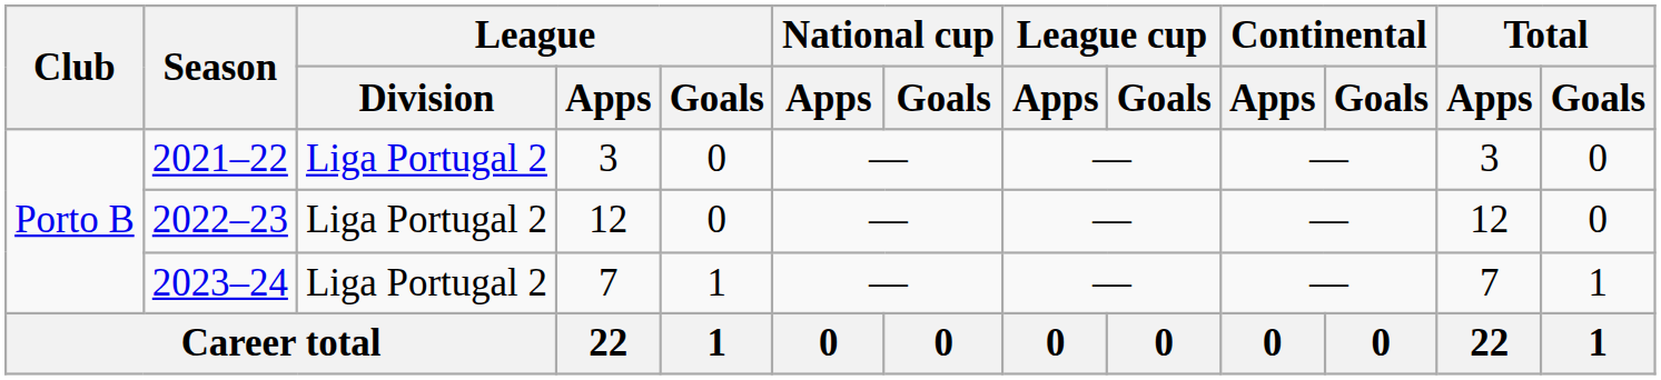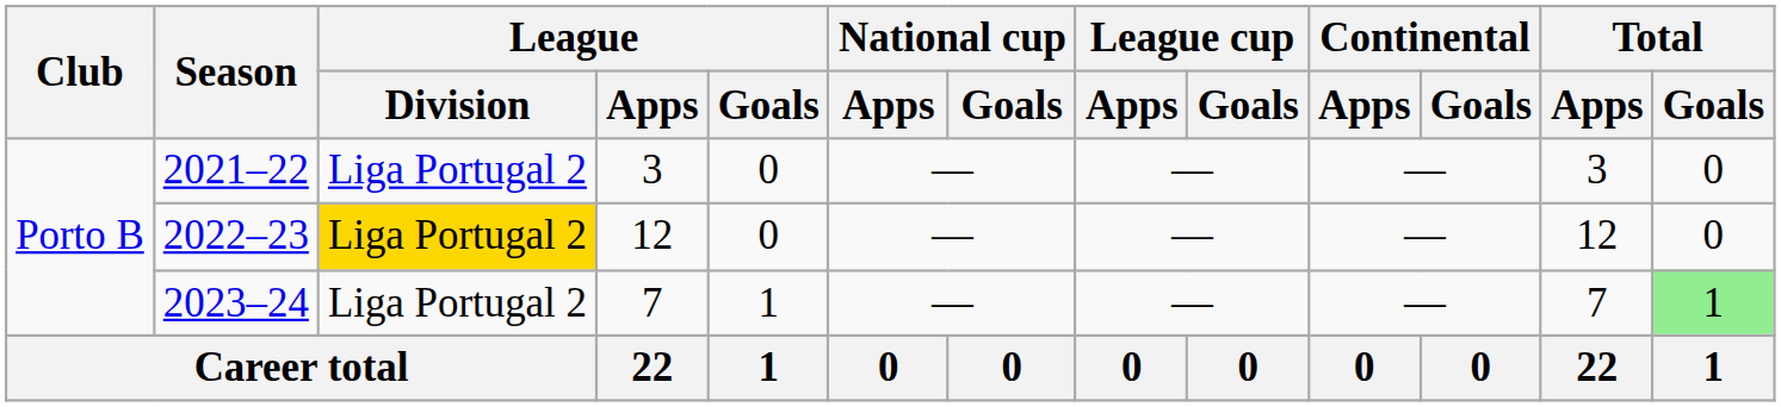 <table class="wikitable" style="text-align: center">
 <tr>
 <th rowspan="2">Club</th>
 <th rowspan="2">Season</th>
 <th colspan="3">League</th>
 <th colspan="2">National cup</th>
 <th colspan="2">League cup</th>
 <th colspan="2">Continental</th>
 <th colspan="2">Total</th>
 </tr>
 <tr>
 <th>Division</th>
 <th>Apps</th>
 <th>Goals</th>
 <th>Apps</th>
 <th>Goals</th>
 <th>Apps</th>
 <th>Goals</th>
 <th>Apps</th>
 <th>Goals</th>
 <th>Apps</th>
 <th>Goals</th>
 </tr>
 <tr>
 <td rowspan="3"><a href='#'>Porto B</a></td>
 <td><a href='#'>2021–22</a></td>
 <td><a href='#'>Liga Portugal 2</a></td>
 <td>3</td>
 <td>0</td>
 <td colspan="2">—</td>
 <td colspan="2">—</td>
 <td colspan="2">—</td>
 <td>3</td>
 <td>0</td>
 </tr>
 <tr>
 <td><a href='#'>2022–23</a></td>
-<td>Liga Portugal 2</td>
+<td style="background: gold;">Liga Portugal 2</td>
 <td>12</td>
 <td>0</td>
 <td colspan="2">—</td>
 <td colspan="2">—</td>
 <td colspan="2">—</td>
 <td>12</td>
 <td>0</td>
 </tr>
 <tr>
 <td><a href='#'>2023–24</a></td>
 <td>Liga Portugal 2</td>
 <td>7</td>
 <td>1</td>
 <td colspan="2">—</td>
 <td colspan="2">—</td>
 <td colspan="2">—</td>
 <td>7</td>
-<td>1</td>
+<td style="background: lightgreen;">1</td>
 </tr>
 <tr>
 <th colspan="3">Career total</th>
 <th>22</th>
 <th>1</th>
 <th>0</th>
 <th>0</th>
 <th>0</th>
 <th>0</th>
 <th>0</th>
 <th>0</th>
 <th>22</th>
 <th>1</th>
 </tr>
 </table>
